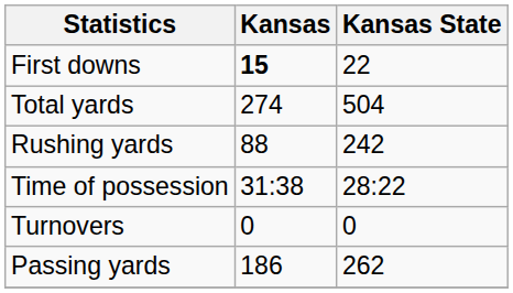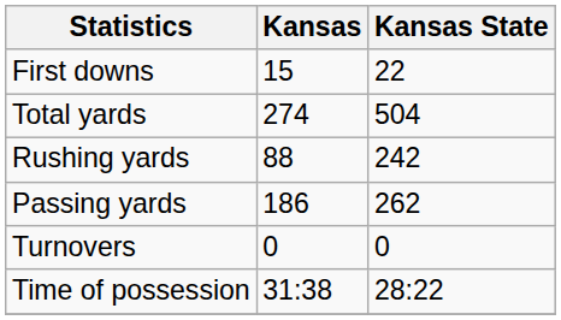 <table class="wikitable" style="float: left;">
 <tr>
 <th>Statistics</th>
 <th>Kansas</th>
 <th>Kansas State</th>
 </tr>
 <tr>
 <td>First downs</td>
-<td><strong>15</strong></td>
+<td>15</td>
 <td>22</td>
 </tr>
 <tr>
 <td>Total yards</td>
 <td>274</td>
 <td>504</td>
 </tr>
 <tr>
 <td>Rushing yards</td>
 <td>88</td>
 <td>242</td>
 </tr>
 <tr>
-<td>Time of possession</td>
-<td>31:38</td>
-<td>28:22</td>
+<td>Passing yards</td>
+<td>186</td>
+<td>262</td>
 </tr>
 <tr>
 <td>Turnovers</td>
 <td>0</td>
 <td>0</td>
 </tr>
 <tr>
-<td>Passing yards</td>
-<td>186</td>
-<td>262</td>
+<td>Time of possession</td>
+<td>31:38</td>
+<td>28:22</td>
 </tr>
 <tr>
 </tr>
 </table>
